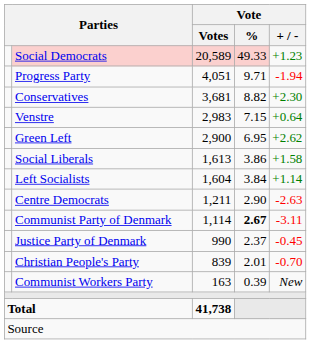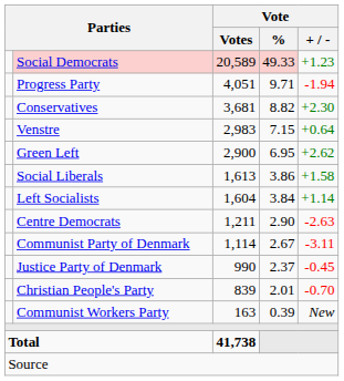 <table class="wikitable" style="text-align:right;">
 <tr>
 <th style="text-align:centre;" rowspan="2" colspan="2" width="225">Parties</th>
 <th colspan="3">Vote</th>
 </tr>
 <tr>
 <th width="15">Votes</th>
 <th width="15">%</th>
 <th width="15">+ / -</th>
 </tr>
 <tr>
 <td width="2" style="color:inherit;background:"></td>
 <td bgcolor=#fbd0ce  align="left"><a href='#'>Social Democrats</a></td>
 <td bgcolor=#fbd0ce>20,589</td>
 <td bgcolor=#fbd0ce>49.33</td>
 <td style=color:green;>+1.23</td>
 </tr>
 <tr>
 <td width="2" style="color:inherit;background:"></td>
 <td align="left"><a href='#'>Progress Party</a></td>
 <td>4,051</td>
 <td>9.71</td>
 <td style=color:red;>-1.94</td>
 </tr>
 <tr>
 <td width="2" style="color:inherit;background:"></td>
 <td align="left"><a href='#'>Conservatives</a></td>
 <td>3,681</td>
 <td>8.82</td>
 <td style=color:green;>+2.30</td>
 </tr>
 <tr>
 <td width="2" style="color:inherit;background:"></td>
 <td align="left"><a href='#'>Venstre</a></td>
 <td>2,983</td>
 <td>7.15</td>
 <td style=color:green;>+0.64</td>
 </tr>
 <tr>
 <td width="2" style="color:inherit;background:"></td>
 <td align="left"><a href='#'>Green Left</a></td>
 <td>2,900</td>
 <td>6.95</td>
 <td style=color:green;>+2.62</td>
 </tr>
 <tr>
 <td width="2" style="color:inherit;background:"></td>
 <td align="left"><a href='#'>Social Liberals</a></td>
 <td>1,613</td>
 <td>3.86</td>
 <td style=color:green;>+1.58</td>
 </tr>
 <tr>
 <td width="2" style="color:inherit;background:"></td>
 <td align="left"><a href='#'>Left Socialists</a></td>
 <td>1,604</td>
 <td>3.84</td>
 <td style=color:green;>+1.14</td>
 </tr>
 <tr>
 <td width="2" style="color:inherit;background:"></td>
 <td align="left"><a href='#'>Centre Democrats</a></td>
 <td>1,211</td>
 <td>2.90</td>
 <td style=color:red;>-2.63</td>
 </tr>
 <tr>
 <td width="2" style="color:inherit;background:"></td>
 <td align="left"><a href='#'>Communist Party of Denmark</a></td>
 <td>1,114</td>
-<td><strong>2.67</strong></td>
+<td>2.67</td>
 <td style=color:red;>-3.11</td>
 </tr>
 <tr>
 <td width="2" style="color:inherit;background:"></td>
 <td align="left"><a href='#'>Justice Party of Denmark</a></td>
 <td>990</td>
 <td>2.37</td>
 <td style=color:red;>-0.45</td>
 </tr>
 <tr>
 <td width="2" style="color:inherit;background:"></td>
 <td align="left"><a href='#'>Christian People's Party</a></td>
 <td>839</td>
 <td>2.01</td>
 <td style=color:red;>-0.70</td>
 </tr>
 <tr>
 <td width="2" style="color:inherit;background:"></td>
 <td align="left"><a href='#'>Communist Workers Party</a></td>
 <td>163</td>
 <td>0.39</td>
 <td><em>New</em></td>
 </tr>
 <tr>
 <td colspan="7" bgcolor="#E9E9E9"></td>
 </tr>
 <tr>
 <td align="left" colspan="2"><strong>Total</strong></td>
 <td><strong>41,738</strong></td>
 <td bgcolor="#E9E9E9" colspan="2"></td>
 </tr>
 <tr>
 <td align="left" colspan="6">Source</td>
 </tr>
 </table>
